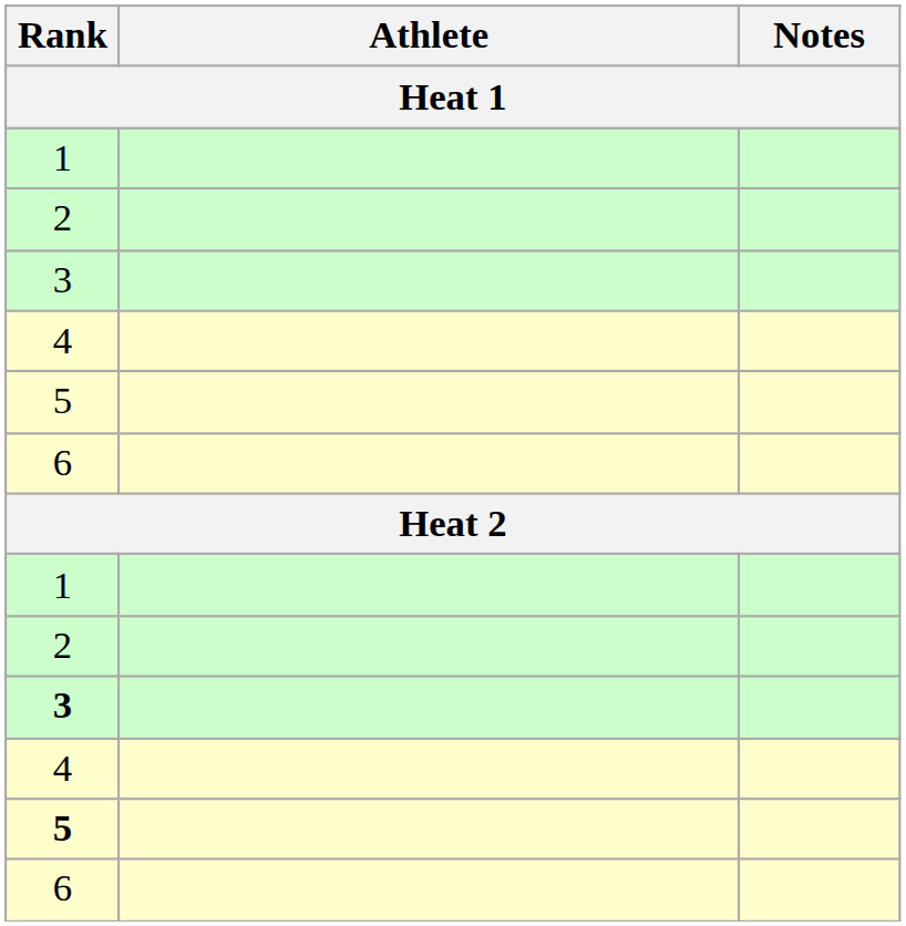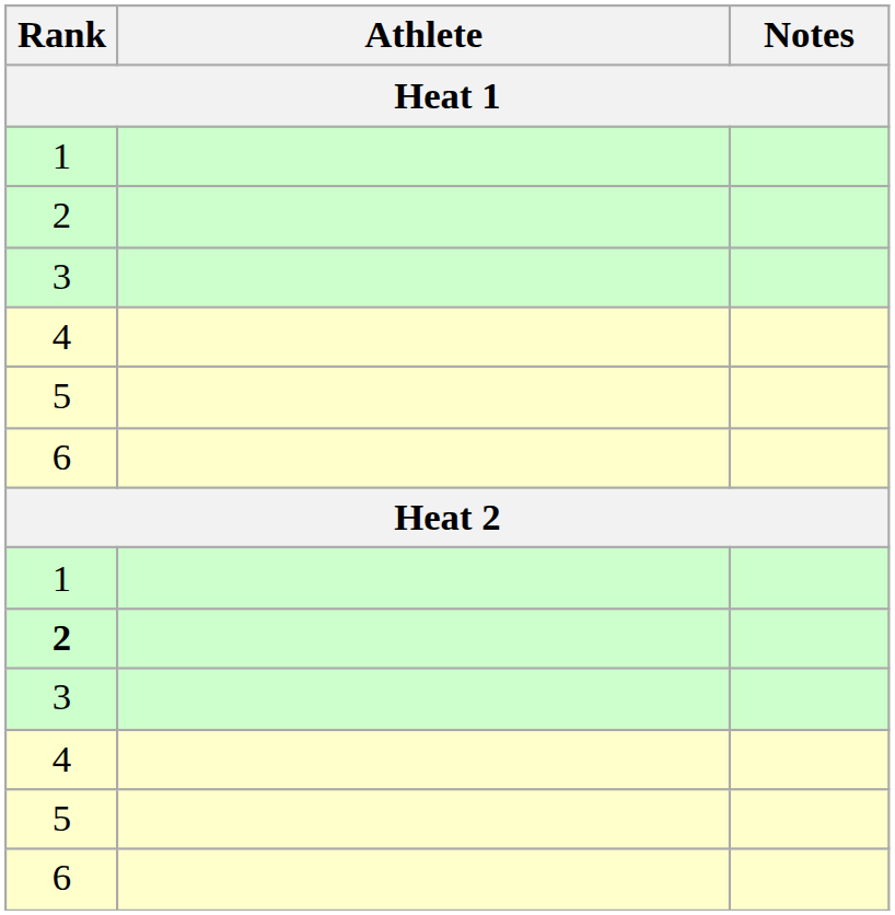 <table class=wikitable style="text-align:center">
 <tr>
 <th width=40>Rank</th>
 <th width=250>Athlete</th>
 <th width=60>Notes</th>
 </tr>
 <tr>
 <th colspan=3>Heat 1</th>
 </tr>
 <tr bgcolor="ccffcc">
 <td>1</td>
 <td align=left></td>
 <td></td>
 </tr>
 <tr bgcolor="ccffcc">
 <td>2</td>
 <td align=left></td>
 <td></td>
 </tr>
 <tr bgcolor="ccffcc">
 <td>3</td>
 <td align=left></td>
 <td></td>
 </tr>
 <tr bgcolor="ffffcc">
 <td>4</td>
 <td align=left></td>
 <td></td>
 </tr>
 <tr bgcolor="ffffcc">
 <td>5</td>
 <td align=left></td>
 <td></td>
 </tr>
 <tr bgcolor="ffffcc">
 <td>6</td>
 <td align=left></td>
 <td></td>
 </tr>
 <tr>
 <th colspan=3>Heat 2</th>
 </tr>
 <tr bgcolor="ccffcc">
 <td>1</td>
 <td align=left></td>
 <td></td>
 </tr>
 <tr bgcolor="ccffcc">
-<td>2</td>
+<td><strong>2</strong></td>
 <td align=left></td>
 <td></td>
 </tr>
 <tr bgcolor="ccffcc">
-<td><strong>3</strong></td>
+<td>3</td>
 <td align=left></td>
 <td></td>
 </tr>
 <tr bgcolor="ffffcc">
 <td>4</td>
 <td align=left></td>
 <td></td>
 </tr>
 <tr bgcolor="ffffcc">
-<td><strong>5</strong></td>
+<td>5</td>
 <td align=left></td>
 <td></td>
 </tr>
 <tr bgcolor="ffffcc">
 <td>6</td>
 <td align=left></td>
 <td></td>
 </tr>
 </table>
